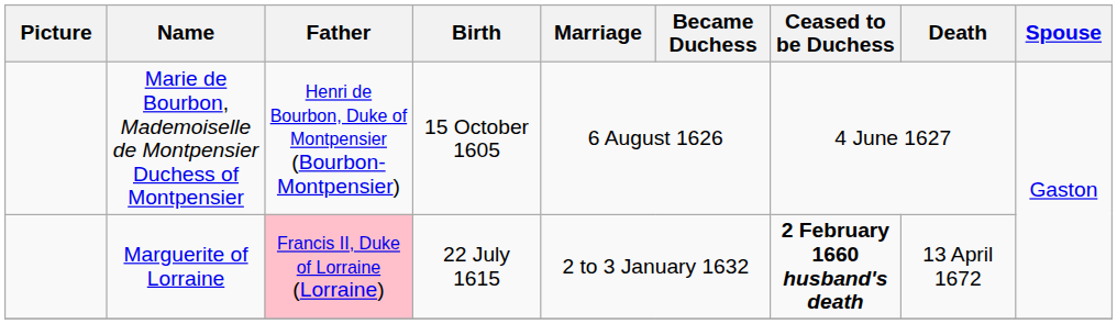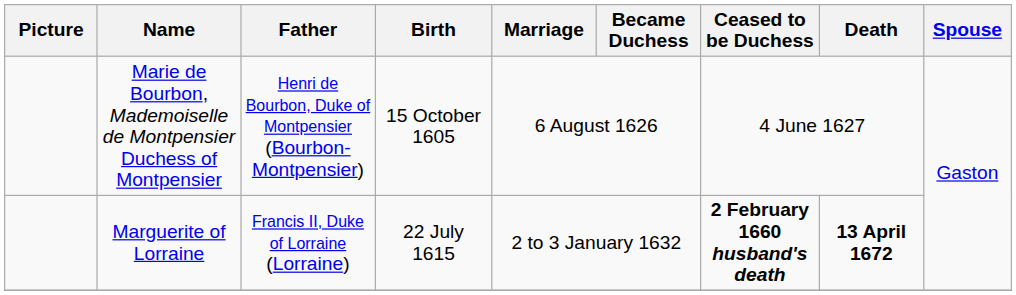 <table width=95% class="wikitable">
 <tr>
 <th width = "8%">Picture</th>
 <th width = "10%">Name</th>
 <th width = "9%">Father</th>
 <th width = "10%">Birth</th>
 <th width = "9%">Marriage</th>
 <th width = "9%">Became Duchess</th>
 <th width = "9%">Ceased to be Duchess</th>
 <th width = "9%">Death</th>
 <th width = "6%"><a href='#'>Spouse</a></th>
 </tr>
 <tr>
 <td align="center"></td>
 <td align="center"><a href='#'>Marie de Bourbon</a>,<br><em>Mademoiselle de Montpensier</em><br><a href='#'>Duchess of Montpensier</a></td>
 <td align="center"><small><a href='#'>Henri de Bourbon, Duke of Montpensier</a></small><br> (<a href='#'>Bourbon-Montpensier</a>)</td>
 <td align="center">15 October 1605</td>
 <td align="center" colspan="2">6 August 1626</td>
 <td align="center" colspan="2">4 June 1627</td>
 <td align="center" rowspan="2"><a href='#'>Gaston</a></td>
 </tr>
 <tr>
 <td align="center"></td>
 <td align="center"><a href='#'>Marguerite of Lorraine</a></td>
-<td align="center" style="background: pink;"><small><a href='#'>Francis II, Duke of Lorraine</a></small><br> (<a href='#'>Lorraine</a>)</td>
+<td align="center"><small><a href='#'>Francis II, Duke of Lorraine</a></small><br> (<a href='#'>Lorraine</a>)</td>
 <td align="center">22 July 1615</td>
 <td align="center" colspan="2">2 to 3 January 1632</td>
 <td align="center"><strong>2 February 1660<br><em>husband's death</em></strong></td>
-<td align="center">13 April 1672</td>
+<td align="center"><strong>13 April 1672</strong></td>
 </tr>
 <tr>
 </tr>
 </table>
